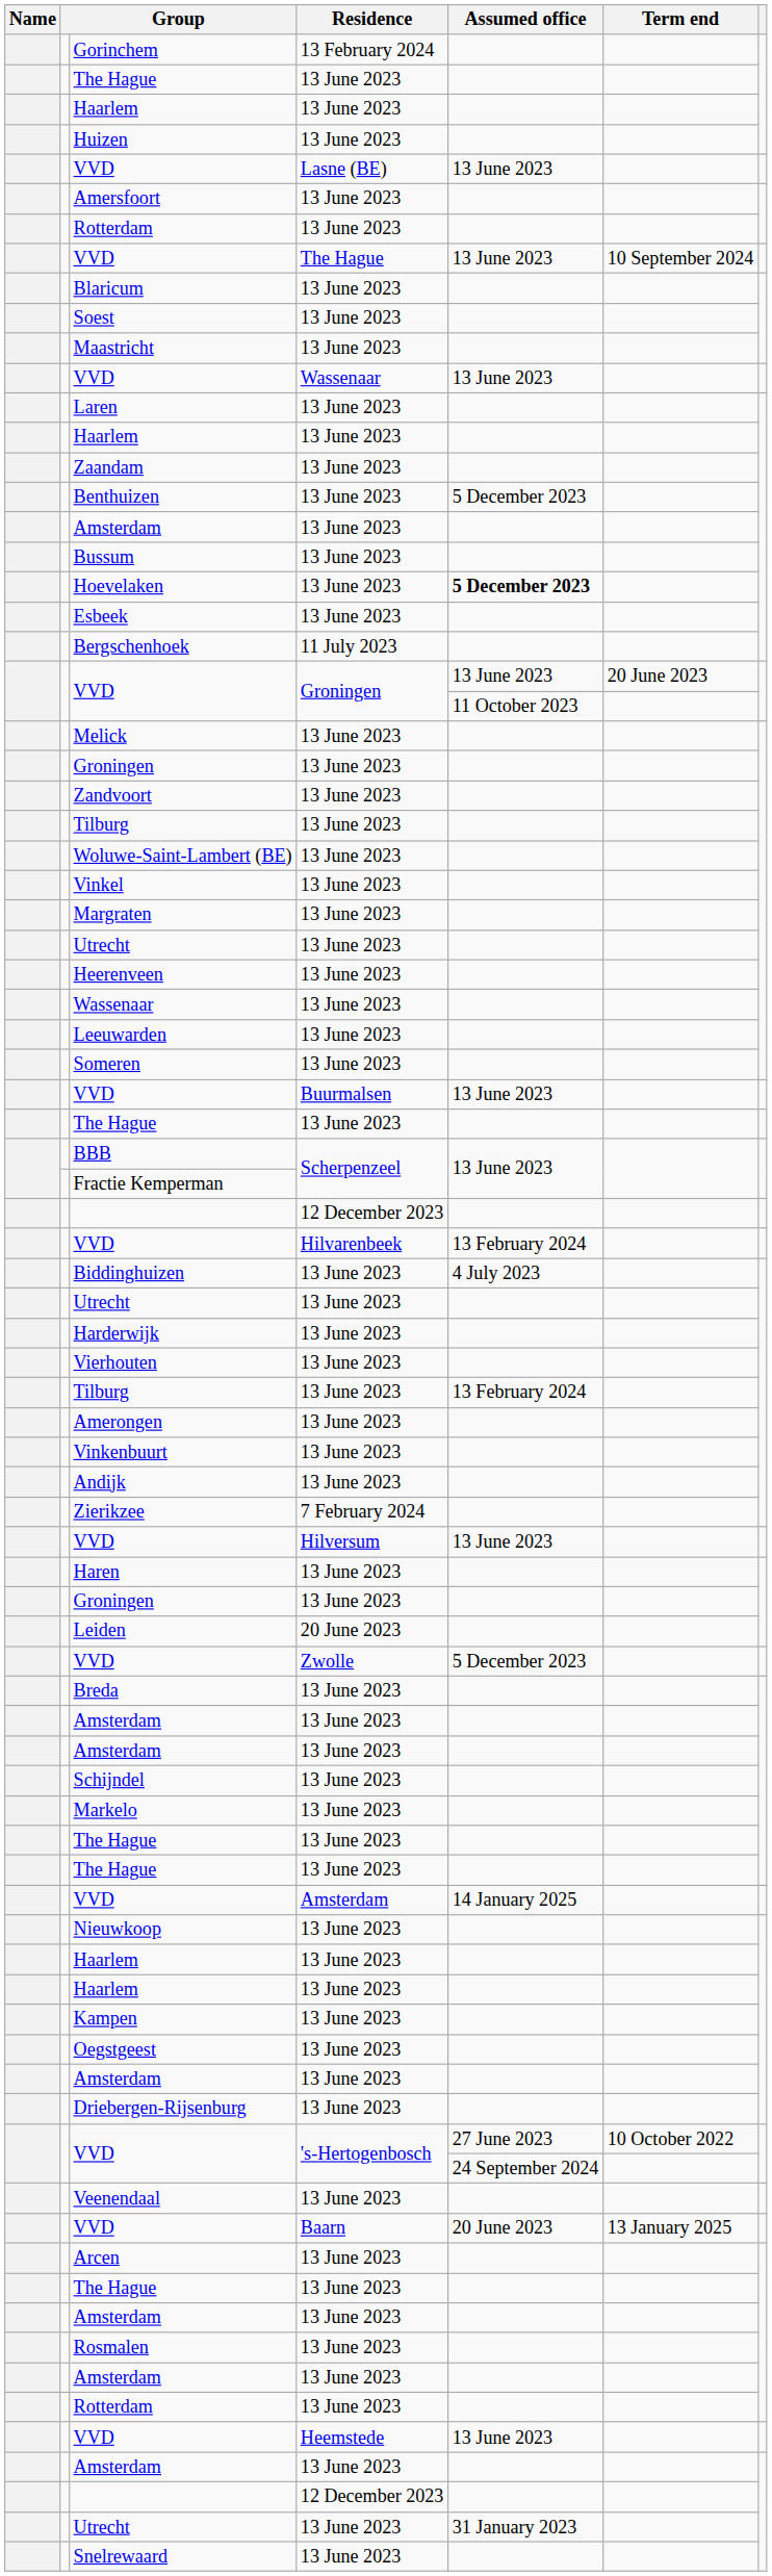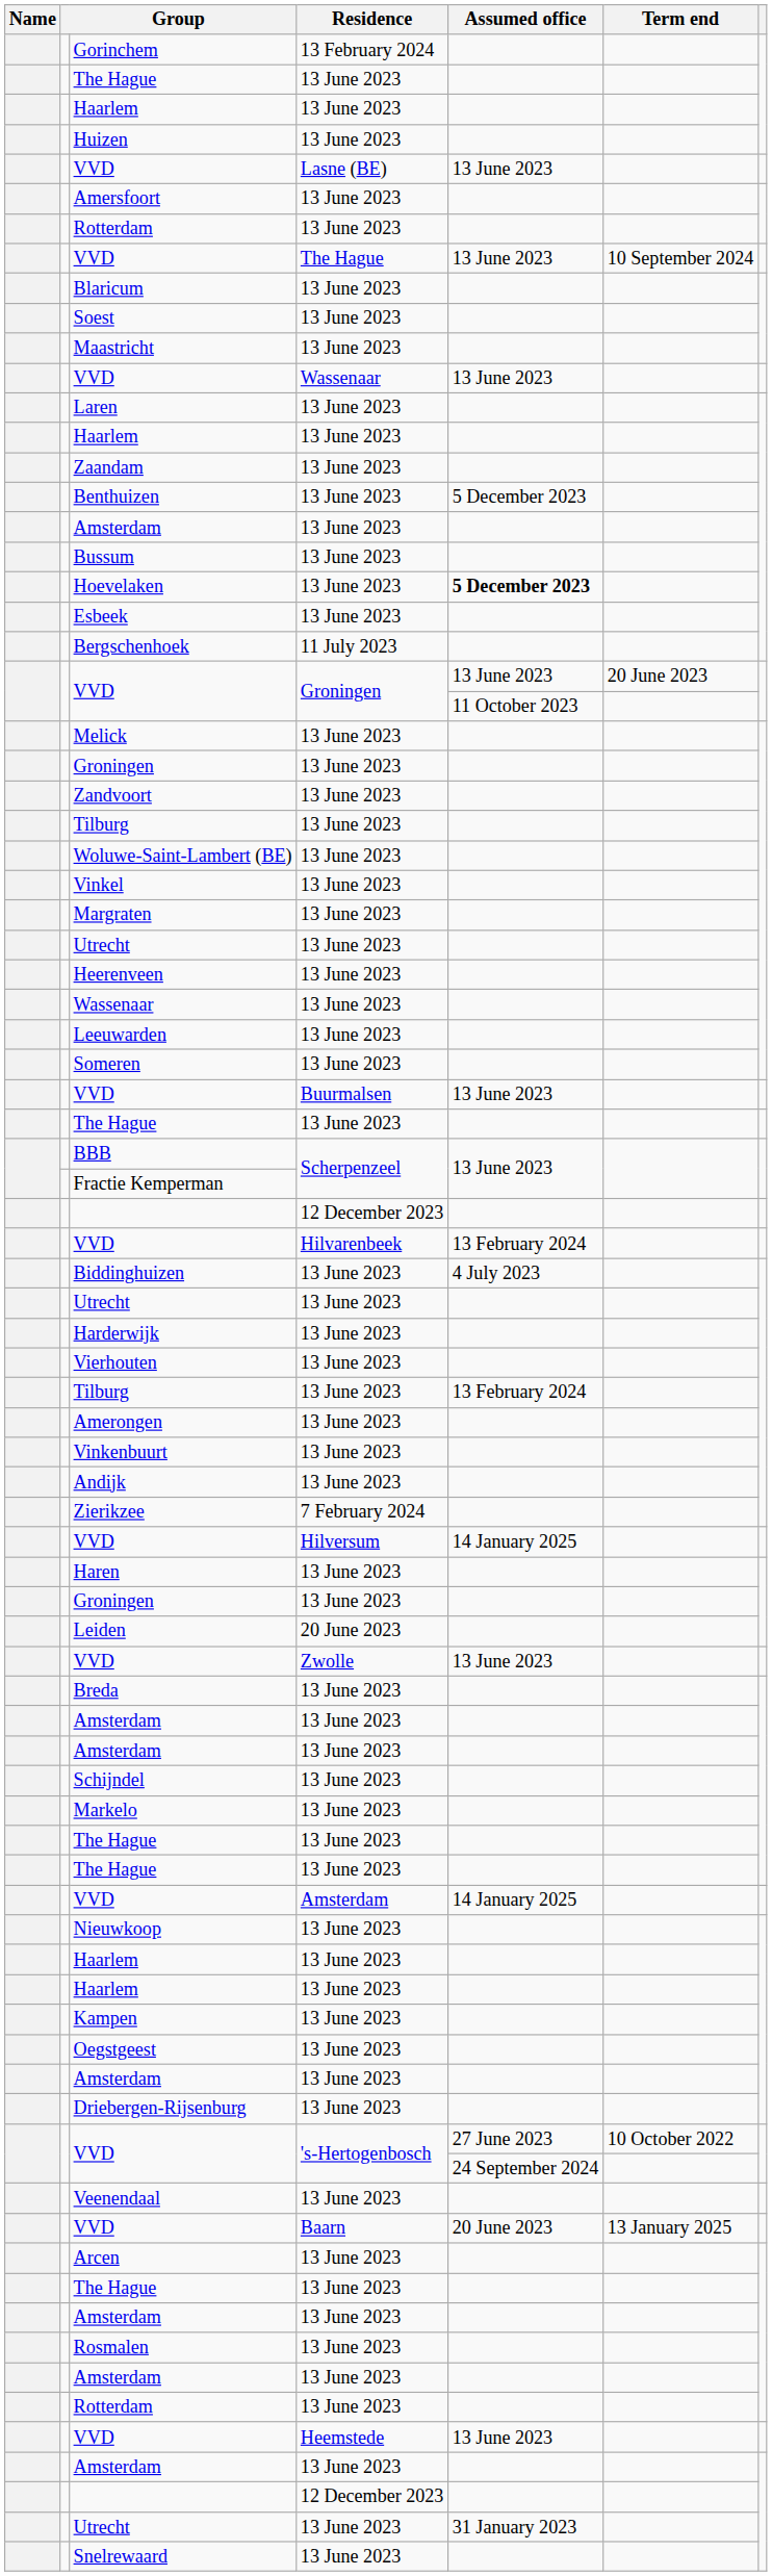 <table class="wikitable sortable">
 <tr>
 <th>Name</th>
 <th scope="col" colspan=2>Group</th>
 <th scope="col">Residence</th>
 <th scope="col">Assumed office</th>
 <th scope="col">Term end</th>
 <th scope="col" class="unsortable"></th>
 </tr>
 <tr>
 <th scope="row"></th>
 <td></td>
 <td><a href='#'>Gorinchem</a></td>
 <td>13 February 2024</td>
 <td></td>
 <td></td>
 </tr>
 <tr>
 <th scope="row"></th>
 <td></td>
 <td><a href='#'>The Hague</a></td>
 <td>13 June 2023</td>
 <td></td>
 <td></td>
 </tr>
 <tr>
 <th scope="row"></th>
 <td></td>
 <td><a href='#'>Haarlem</a></td>
 <td>13 June 2023</td>
 <td></td>
 <td></td>
 </tr>
 <tr>
 <th scope="row"></th>
 <td></td>
 <td><a href='#'>Huizen</a></td>
 <td>13 June 2023</td>
 <td></td>
 <td></td>
 </tr>
 <tr>
 <th scope="row"></th>
 <td style="background-color:"></td>
 <td><a href='#'>VVD</a></td>
 <td><a href='#'>Lasne</a> (<a href='#'>BE</a>)</td>
 <td>13 June 2023</td>
 <td></td>
 <td></td>
 </tr>
 <tr>
 <th scope="row"></th>
 <td></td>
 <td><a href='#'>Amersfoort</a></td>
 <td>13 June 2023</td>
 <td></td>
 <td></td>
 </tr>
 <tr>
 <th scope="row"></th>
 <td></td>
 <td><a href='#'>Rotterdam</a></td>
 <td>13 June 2023</td>
 <td></td>
 <td></td>
 </tr>
 <tr>
 <th scope="row"></th>
 <td style="background-color:"></td>
 <td><a href='#'>VVD</a></td>
 <td><a href='#'>The Hague</a></td>
 <td>13 June 2023</td>
 <td>10 September 2024</td>
 <td></td>
 </tr>
 <tr>
 <th scope="row"></th>
 <td></td>
 <td><a href='#'>Blaricum</a></td>
 <td>13 June 2023</td>
 <td></td>
 <td></td>
 </tr>
 <tr>
 <th scope="row"></th>
 <td></td>
 <td><a href='#'>Soest</a></td>
 <td>13 June 2023</td>
 <td></td>
 <td></td>
 </tr>
 <tr>
 <th scope="row"></th>
 <td></td>
 <td><a href='#'>Maastricht</a></td>
 <td>13 June 2023</td>
 <td></td>
 <td></td>
 </tr>
 <tr>
 <th scope="row"></th>
 <td style="background-color:"></td>
 <td><a href='#'>VVD</a></td>
 <td><a href='#'>Wassenaar</a></td>
 <td>13 June 2023</td>
 <td></td>
 <td></td>
 </tr>
 <tr>
 <th scope="row"></th>
 <td></td>
 <td><a href='#'>Laren</a></td>
 <td>13 June 2023</td>
 <td></td>
 <td></td>
 </tr>
 <tr>
 <th scope="row"></th>
 <td></td>
 <td><a href='#'>Haarlem</a></td>
 <td>13 June 2023</td>
 <td></td>
 <td></td>
 </tr>
 <tr>
 <th scope="row"></th>
 <td></td>
 <td><a href='#'>Zaandam</a></td>
 <td>13 June 2023</td>
 <td></td>
 <td></td>
 </tr>
 <tr>
 <th scope="row"></th>
 <td></td>
 <td><a href='#'>Benthuizen</a></td>
 <td>13 June 2023</td>
 <td>5 December 2023</td>
 <td></td>
 </tr>
 <tr>
 <th scope="row"></th>
 <td></td>
 <td><a href='#'>Amsterdam</a></td>
 <td>13 June 2023</td>
 <td></td>
 <td></td>
 </tr>
 <tr>
 <th scope="row"></th>
 <td></td>
 <td><a href='#'>Bussum</a></td>
 <td>13 June 2023</td>
 <td></td>
 <td></td>
 </tr>
 <tr>
 <th scope="row"></th>
 <td></td>
 <td><a href='#'>Hoevelaken</a></td>
 <td>13 June 2023</td>
 <td><strong>5 December 2023</strong></td>
 <td></td>
 </tr>
 <tr>
 <th scope="row"></th>
 <td></td>
 <td><a href='#'>Esbeek</a></td>
 <td>13 June 2023</td>
 <td></td>
 <td></td>
 </tr>
 <tr>
 <th scope="row"></th>
 <td></td>
 <td><a href='#'>Bergschenhoek</a></td>
 <td>11 July 2023</td>
 <td></td>
 <td></td>
 </tr>
 <tr>
 <th scope="rowgroup" rowspan="2"></th>
 <td rowspan="2" style="background-color:"></td>
 <td rowspan="2"><a href='#'>VVD</a></td>
 <td rowspan="2"><a href='#'>Groningen</a></td>
 <td>13 June 2023</td>
 <td>20 June 2023</td>
 <td rowspan="2"></td>
 </tr>
 <tr>
 <td>11 October 2023</td>
 <td></td>
 </tr>
 <tr>
 <th scope="row"></th>
 <td></td>
 <td><a href='#'>Melick</a></td>
 <td>13 June 2023</td>
 <td></td>
 <td></td>
 </tr>
 <tr>
 <th scope="row"></th>
 <td></td>
 <td><a href='#'>Groningen</a></td>
 <td>13 June 2023</td>
 <td></td>
 <td></td>
 </tr>
 <tr>
 <th scope="row"></th>
 <td></td>
 <td><a href='#'>Zandvoort</a></td>
 <td>13 June 2023</td>
 <td></td>
 <td></td>
 </tr>
 <tr>
 <th scope="row"></th>
 <td></td>
 <td><a href='#'>Tilburg</a></td>
 <td>13 June 2023</td>
 <td></td>
 <td></td>
 </tr>
 <tr>
 <th scope="row"></th>
 <td></td>
 <td><a href='#'>Woluwe-Saint-Lambert</a> (<a href='#'>BE</a>)</td>
 <td>13 June 2023</td>
 <td></td>
 <td></td>
 </tr>
 <tr>
 <th scope="row"></th>
 <td></td>
 <td><a href='#'>Vinkel</a></td>
 <td>13 June 2023</td>
 <td></td>
 <td></td>
 </tr>
 <tr>
 <th scope="row"></th>
 <td></td>
 <td><a href='#'>Margraten</a></td>
 <td>13 June 2023</td>
 <td></td>
 <td></td>
 </tr>
 <tr>
 <th scope="row"></th>
 <td></td>
 <td><a href='#'>Utrecht</a></td>
 <td>13 June 2023</td>
 <td></td>
 <td></td>
 </tr>
 <tr>
 <th scope="row"></th>
 <td></td>
 <td><a href='#'>Heerenveen</a></td>
 <td>13 June 2023</td>
 <td></td>
 <td></td>
 </tr>
 <tr>
 <th scope="row"></th>
 <td></td>
 <td><a href='#'>Wassenaar</a></td>
 <td>13 June 2023</td>
 <td></td>
 <td></td>
 </tr>
 <tr>
 <th scope="row"></th>
 <td></td>
 <td><a href='#'>Leeuwarden</a></td>
 <td>13 June 2023</td>
 <td></td>
 <td></td>
 </tr>
 <tr>
 <th scope="row"></th>
 <td></td>
 <td><a href='#'>Someren</a></td>
 <td>13 June 2023</td>
 <td></td>
 <td></td>
 </tr>
 <tr>
 <th scope="row"></th>
 <td style="background-color:"></td>
 <td><a href='#'>VVD</a></td>
 <td><a href='#'>Buurmalsen</a></td>
 <td>13 June 2023</td>
 <td></td>
 <td></td>
 </tr>
 <tr>
 <th scope="row"></th>
 <td></td>
 <td><a href='#'>The Hague</a></td>
 <td>13 June 2023</td>
 <td></td>
 <td></td>
 </tr>
 <tr>
 <th scope="rowgroup" rowspan="2"></th>
 <td style="background-color:"></td>
 <td><a href='#'>BBB</a></td>
 <td rowspan="2"><a href='#'>Scherpenzeel</a></td>
 <td rowspan="2">13 June 2023</td>
 <td rowspan="2"></td>
 <td rowspan="2"></td>
 </tr>
 <tr>
 <td style="background-color:"></td>
 <td>Fractie Kemperman</td>
 </tr>
 <tr>
 <th scope="row"></th>
 <td></td>
 <td></td>
 <td>12 December 2023</td>
 <td></td>
 <td></td>
 </tr>
 <tr>
 <th scope="row"></th>
 <td style="background-color:"></td>
 <td><a href='#'>VVD</a></td>
 <td><a href='#'>Hilvarenbeek</a></td>
 <td>13 February 2024</td>
 <td></td>
 <td></td>
 </tr>
 <tr>
 <th scope="row"></th>
 <td></td>
 <td><a href='#'>Biddinghuizen</a></td>
 <td>13 June 2023</td>
 <td>4 July 2023</td>
 <td></td>
 </tr>
 <tr>
 <th scope="row"></th>
 <td></td>
 <td><a href='#'>Utrecht</a></td>
 <td>13 June 2023</td>
 <td></td>
 <td></td>
 </tr>
 <tr>
 <th scope="row"></th>
 <td></td>
 <td><a href='#'>Harderwijk</a></td>
 <td>13 June 2023</td>
 <td></td>
 <td></td>
 </tr>
 <tr>
 <th scope="row"></th>
 <td></td>
 <td><a href='#'>Vierhouten</a></td>
 <td>13 June 2023</td>
 <td></td>
 <td></td>
 </tr>
 <tr>
 <th scope="row"></th>
 <td></td>
 <td><a href='#'>Tilburg</a></td>
 <td>13 June 2023</td>
 <td>13 February 2024</td>
 <td></td>
 </tr>
 <tr>
 <th scope="row"></th>
 <td></td>
 <td><a href='#'>Amerongen</a></td>
 <td>13 June 2023</td>
 <td></td>
 <td></td>
 </tr>
 <tr>
 <th scope="row"></th>
 <td></td>
 <td><a href='#'>Vinkenbuurt</a></td>
 <td>13 June 2023</td>
 <td></td>
 <td></td>
 </tr>
 <tr>
 <th scope="row"></th>
 <td></td>
 <td><a href='#'>Andijk</a></td>
 <td>13 June 2023</td>
 <td></td>
 <td></td>
 </tr>
 <tr>
 <th scope="row"></th>
 <td></td>
 <td><a href='#'>Zierikzee</a></td>
 <td>7 February 2024</td>
 <td></td>
 <td></td>
 </tr>
 <tr>
 <th scope="row"></th>
 <td style="background-color:"></td>
 <td><a href='#'>VVD</a></td>
 <td><a href='#'>Hilversum</a></td>
-<td>13 June 2023</td>
+<td>14 January 2025</td>
 <td></td>
 <td></td>
 </tr>
 <tr>
 <th scope="row"></th>
 <td></td>
 <td><a href='#'>Haren</a></td>
 <td>13 June 2023</td>
 <td></td>
 <td></td>
 </tr>
 <tr>
 <th scope="row"></th>
 <td></td>
 <td><a href='#'>Groningen</a></td>
 <td>13 June 2023</td>
 <td></td>
 <td></td>
 </tr>
 <tr>
 <th scope="row"></th>
 <td></td>
 <td><a href='#'>Leiden</a></td>
 <td>20 June 2023</td>
 <td></td>
 <td></td>
 </tr>
 <tr>
 <th scope="row"></th>
 <td style="background-color:"></td>
 <td><a href='#'>VVD</a></td>
 <td><a href='#'>Zwolle</a></td>
-<td>5 December 2023</td>
+<td>13 June 2023</td>
 <td></td>
 <td></td>
 </tr>
 <tr>
 <th scope="row"></th>
 <td></td>
 <td><a href='#'>Breda</a></td>
 <td>13 June 2023</td>
 <td></td>
 <td></td>
 </tr>
 <tr>
 <th scope="row"></th>
 <td></td>
 <td><a href='#'>Amsterdam</a></td>
 <td>13 June 2023</td>
 <td></td>
 <td></td>
 </tr>
 <tr>
 <th scope="row"></th>
 <td></td>
 <td><a href='#'>Amsterdam</a></td>
 <td>13 June 2023</td>
 <td></td>
 <td></td>
 </tr>
 <tr>
 <th scope="row"></th>
 <td></td>
 <td><a href='#'>Schijndel</a></td>
 <td>13 June 2023</td>
 <td></td>
 <td></td>
 </tr>
 <tr>
 <th scope="row"></th>
 <td></td>
 <td><a href='#'>Markelo</a></td>
 <td>13 June 2023</td>
 <td></td>
 <td></td>
 </tr>
 <tr>
 <th scope="row"></th>
 <td></td>
 <td><a href='#'>The Hague</a></td>
 <td>13 June 2023</td>
 <td></td>
 <td></td>
 </tr>
 <tr>
 <th scope="row"></th>
 <td></td>
 <td><a href='#'>The Hague</a></td>
 <td>13 June 2023</td>
 <td></td>
 <td></td>
 </tr>
 <tr>
 <th scope="row"></th>
 <td style="background-color:"></td>
 <td><a href='#'>VVD</a></td>
 <td><a href='#'>Amsterdam</a></td>
 <td>14 January 2025</td>
 <td></td>
 <td></td>
 </tr>
 <tr>
 <th scope="row"></th>
 <td></td>
 <td><a href='#'>Nieuwkoop</a></td>
 <td>13 June 2023</td>
 <td></td>
 <td></td>
 </tr>
 <tr>
 <th scope="row"></th>
 <td></td>
 <td><a href='#'>Haarlem</a></td>
 <td>13 June 2023</td>
 <td></td>
 <td></td>
 </tr>
 <tr>
 <th scope="row"></th>
 <td></td>
 <td><a href='#'>Haarlem</a></td>
 <td>13 June 2023</td>
 <td></td>
 <td></td>
 </tr>
 <tr>
 <th scope="row"></th>
 <td></td>
 <td><a href='#'>Kampen</a></td>
 <td>13 June 2023</td>
 <td></td>
 <td></td>
 </tr>
 <tr>
 <th scope="row"></th>
 <td></td>
 <td><a href='#'>Oegstgeest</a></td>
 <td>13 June 2023</td>
 <td></td>
 <td></td>
 </tr>
 <tr>
 <th scope="row"></th>
 <td></td>
 <td><a href='#'>Amsterdam</a></td>
 <td>13 June 2023</td>
 <td></td>
 <td></td>
 </tr>
 <tr>
 <th scope="row"></th>
 <td></td>
 <td><a href='#'>Driebergen-Rijsenburg</a></td>
 <td>13 June 2023</td>
 <td></td>
 <td></td>
 </tr>
 <tr>
 <th scope="rowgroup" rowspan="2"></th>
 <td rowspan="2" style="background-color:"></td>
 <td rowspan="2"><a href='#'>VVD</a></td>
 <td rowspan="2"><a href='#'>'s-Hertogenbosch</a></td>
 <td>27 June 2023</td>
 <td>10 October 2022</td>
 <td rowspan="2"></td>
 </tr>
 <tr>
 <td>24 September 2024</td>
 <td></td>
 </tr>
 <tr>
 <th scope="row"></th>
 <td></td>
 <td><a href='#'>Veenendaal</a></td>
 <td>13 June 2023</td>
 <td></td>
 <td></td>
 </tr>
 <tr>
 <th scope="row"></th>
 <td style="background-color:"></td>
 <td><a href='#'>VVD</a></td>
 <td><a href='#'>Baarn</a></td>
 <td>20 June 2023</td>
 <td>13 January 2025</td>
 <td></td>
 </tr>
 <tr>
 <th scope="row"></th>
 <td></td>
 <td><a href='#'>Arcen</a></td>
 <td>13 June 2023</td>
 <td></td>
 <td></td>
 </tr>
 <tr>
 <th scope="row"></th>
 <td></td>
 <td><a href='#'>The Hague</a></td>
 <td>13 June 2023</td>
 <td></td>
 <td></td>
 </tr>
 <tr>
 <th scope="row"></th>
 <td></td>
 <td><a href='#'>Amsterdam</a></td>
 <td>13 June 2023</td>
 <td></td>
 <td></td>
 </tr>
 <tr>
 <th scope="row"></th>
 <td></td>
 <td><a href='#'>Rosmalen</a></td>
 <td>13 June 2023</td>
 <td></td>
 <td></td>
 </tr>
 <tr>
 <th scope="row"></th>
 <td></td>
 <td><a href='#'>Amsterdam</a></td>
 <td>13 June 2023</td>
 <td></td>
 <td></td>
 </tr>
 <tr>
 <th scope="row"></th>
 <td></td>
 <td><a href='#'>Rotterdam</a></td>
 <td>13 June 2023</td>
 <td></td>
 <td></td>
 </tr>
 <tr>
 <th scope="row"></th>
 <td style="background-color:"></td>
 <td><a href='#'>VVD</a></td>
 <td><a href='#'>Heemstede</a></td>
 <td>13 June 2023</td>
 <td></td>
 <td></td>
 </tr>
 <tr>
 <th scope="row"></th>
 <td></td>
 <td><a href='#'>Amsterdam</a></td>
 <td>13 June 2023</td>
 <td></td>
 <td></td>
 </tr>
 <tr>
 <th scope="row"></th>
 <td></td>
 <td></td>
 <td>12 December 2023</td>
 <td></td>
 <td></td>
 </tr>
 <tr>
 <th scope="row"></th>
 <td></td>
 <td><a href='#'>Utrecht</a></td>
 <td>13 June 2023</td>
 <td>31 January 2023</td>
 <td></td>
 </tr>
 <tr>
 <th scope="row"></th>
 <td></td>
 <td><a href='#'>Snelrewaard</a></td>
 <td>13 June 2023</td>
 <td></td>
 <td></td>
 </tr>
 </table>
